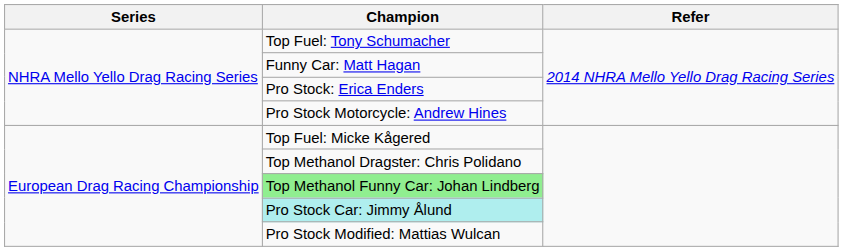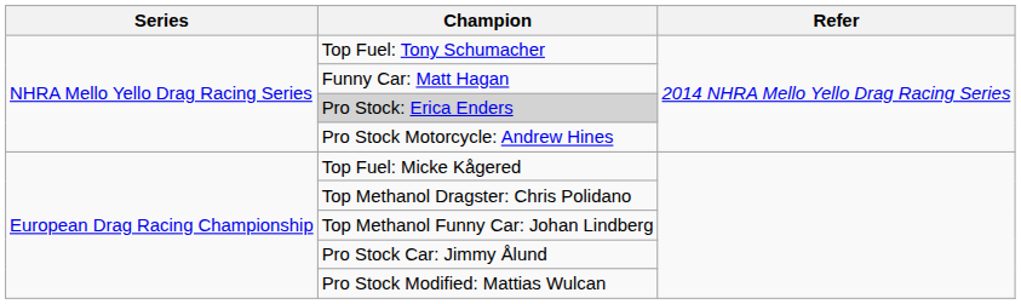 <table class="wikitable" style="font-size:87%;">
 <tr>
 <th>Series</th>
 <th>Champion</th>
 <th>Refer</th>
 </tr>
 <tr>
 <td rowspan=4><a href='#'>NHRA Mello Yello Drag Racing Series</a></td>
 <td>Top Fuel:  <a href='#'>Tony Schumacher</a></td>
 <td rowspan=4><em><a href='#'>2014 NHRA Mello Yello Drag Racing Series</a></em></td>
 </tr>
 <tr>
 <td>Funny Car:  <a href='#'>Matt Hagan</a></td>
 </tr>
 <tr>
-<td>Pro Stock:  <a href='#'>Erica Enders</a></td>
+<td style="background: lightgrey;">Pro Stock:  <a href='#'>Erica Enders</a></td>
 </tr>
 <tr>
 <td>Pro Stock Motorcycle:  <a href='#'>Andrew Hines</a></td>
 </tr>
 <tr>
 <td rowspan=5><a href='#'>European Drag Racing Championship</a></td>
 <td>Top Fuel:  Micke Kågered</td>
 <td rowspan=5></td>
 </tr>
 <tr>
 <td>Top Methanol Dragster:  Chris Polidano</td>
 </tr>
 <tr>
-<td style="background: lightgreen;">Top Methanol Funny Car:  Johan Lindberg</td>
+<td>Top Methanol Funny Car:  Johan Lindberg</td>
 </tr>
 <tr>
-<td style="background: paleturquoise;">Pro Stock Car:  Jimmy Ålund</td>
+<td>Pro Stock Car:  Jimmy Ålund</td>
 </tr>
 <tr>
 <td>Pro Stock Modified:  Mattias Wulcan</td>
 </tr>
 </table>
